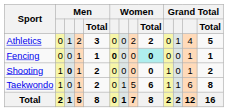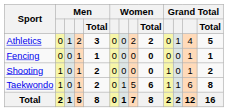 <table class="wikitable" style="font-size: 95%">
 <tr>
 <th rowspan=2>Sport</th>
 <th colspan=4>Men</th>
 <th colspan=4>Women</th>
 <th colspan=4>Grand Total</th>
 </tr>
 <tr>
 <th></th>
 <th></th>
 <th></th>
 <th>Total</th>
 <th></th>
 <th></th>
 <th></th>
 <th>Total</th>
 <th></th>
 <th></th>
 <th></th>
 <th>Total</th>
 </tr>
 <tr align=center>
 <td align=left><a href='#'>Athletics</a></td>
 <td style="background:#F7F6A8;">0</td>
 <td style="background:#DCE5E5;">1</td>
 <td style="background:#FFDAB9;">2</td>
 <td><strong>3</strong></td>
 <td style="background:#F7F6A8;">0</td>
 <td style="background:#DCE5E5;">0</td>
 <td style="background:#FFDAB9;">2</td>
 <td><strong>2</strong></td>
 <td style="background:#F7F6A8;">0</td>
 <td style="background:#DCE5E5;">1</td>
 <td style="background:#FFDAB9;">4</td>
 <td><strong>5</strong></td>
 </tr>
 <tr align=center>
 <td align=left><a href='#'>Fencing</a></td>
 <td style="background:#F7F6A8;">0</td>
 <td style="background:#DCE5E5;">0</td>
 <td style="background:#FFDAB9;">1</td>
 <td><strong>1</strong></td>
-<td style="background:#F7F6A8;"><strong>0</strong></td>
+<td style="background:#F7F6A8;">0</td>
 <td style="background:#DCE5E5;">0</td>
 <td style="background:#FFDAB9;">0</td>
-<td style="background: paleturquoise;"><strong>0</strong></td>
+<td><strong>0</strong></td>
 <td style="background:#F7F6A8;">0</td>
 <td style="background:#DCE5E5;">0</td>
 <td style="background:#FFDAB9;">1</td>
 <td><strong>1</strong></td>
 </tr>
 <tr align=center>
 <td align=left><a href='#'>Shooting</a></td>
 <td style="background:#F7F6A8;">1</td>
-<td style="background:#DCE5E5;"><strong>0</strong></td>
+<td style="background:#DCE5E5;">0</td>
 <td style="background:#FFDAB9;">1</td>
 <td><strong>2</strong></td>
 <td style="background:#F7F6A8;">0</td>
 <td style="background:#DCE5E5;">0</td>
 <td style="background:#FFDAB9;">0</td>
 <td><strong>0</strong></td>
 <td style="background:#F7F6A8;">1</td>
 <td style="background:#DCE5E5;">0</td>
 <td style="background:#FFDAB9;">1</td>
 <td><strong>2</strong></td>
 </tr>
 <tr align=center>
 <td align=left><a href='#'>Taekwondo</a></td>
 <td style="background:#F7F6A8;">1</td>
 <td style="background:#DCE5E5;">0</td>
 <td style="background:#FFDAB9;">1</td>
 <td><strong>2</strong></td>
 <td style="background:#F7F6A8;">0</td>
 <td style="background:#DCE5E5;">1</td>
 <td style="background:#FFDAB9;">5</td>
 <td><strong>6</strong></td>
 <td style="background:#F7F6A8;">1</td>
 <td style="background:#DCE5E5;">1</td>
 <td style="background:#FFDAB9;">6</td>
 <td><strong>8</strong></td>
 </tr>
 <tr align=center>
 <th>Total</th>
 <th style="background:#F7F6A8;">2</th>
 <th style="background:#DCE5E5;">1</th>
 <th style="background:#FFDAB9;">5</th>
 <th>8</th>
 <th style="background:#F7F6A8;">0</th>
 <th style="background:#DCE5E5;">1</th>
 <th style="background:#FFDAB9;">7</th>
 <th>8</th>
 <th style="background:#F7F6A8;">2</th>
 <th style="background:#DCE5E5;">2</th>
 <th style="background:#FFDAB9;">12</th>
 <th>16</th>
 </tr>
 </table>
